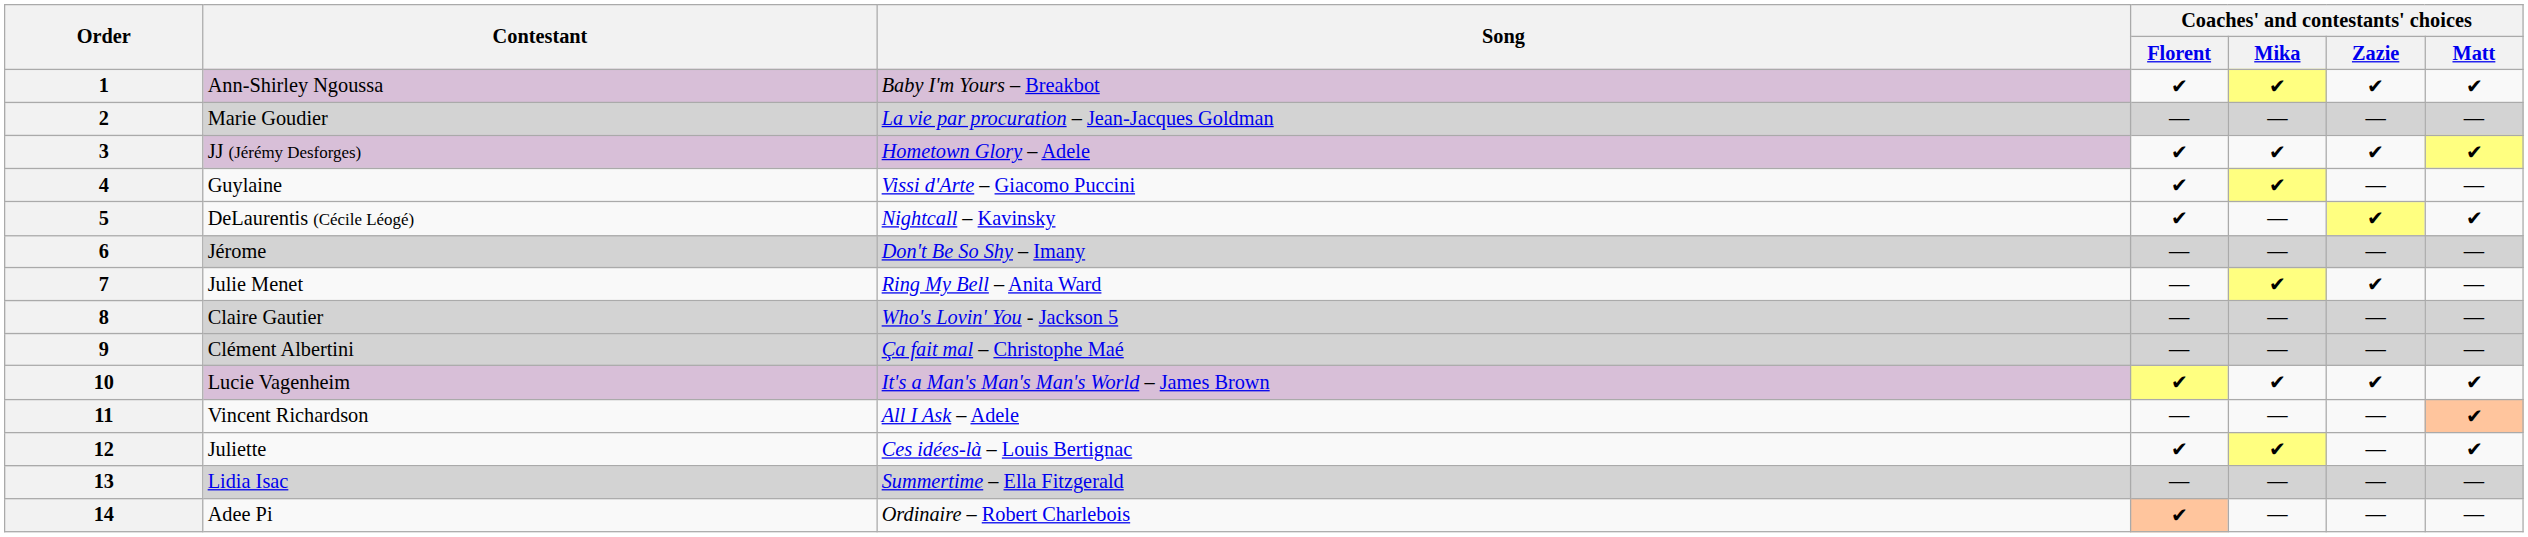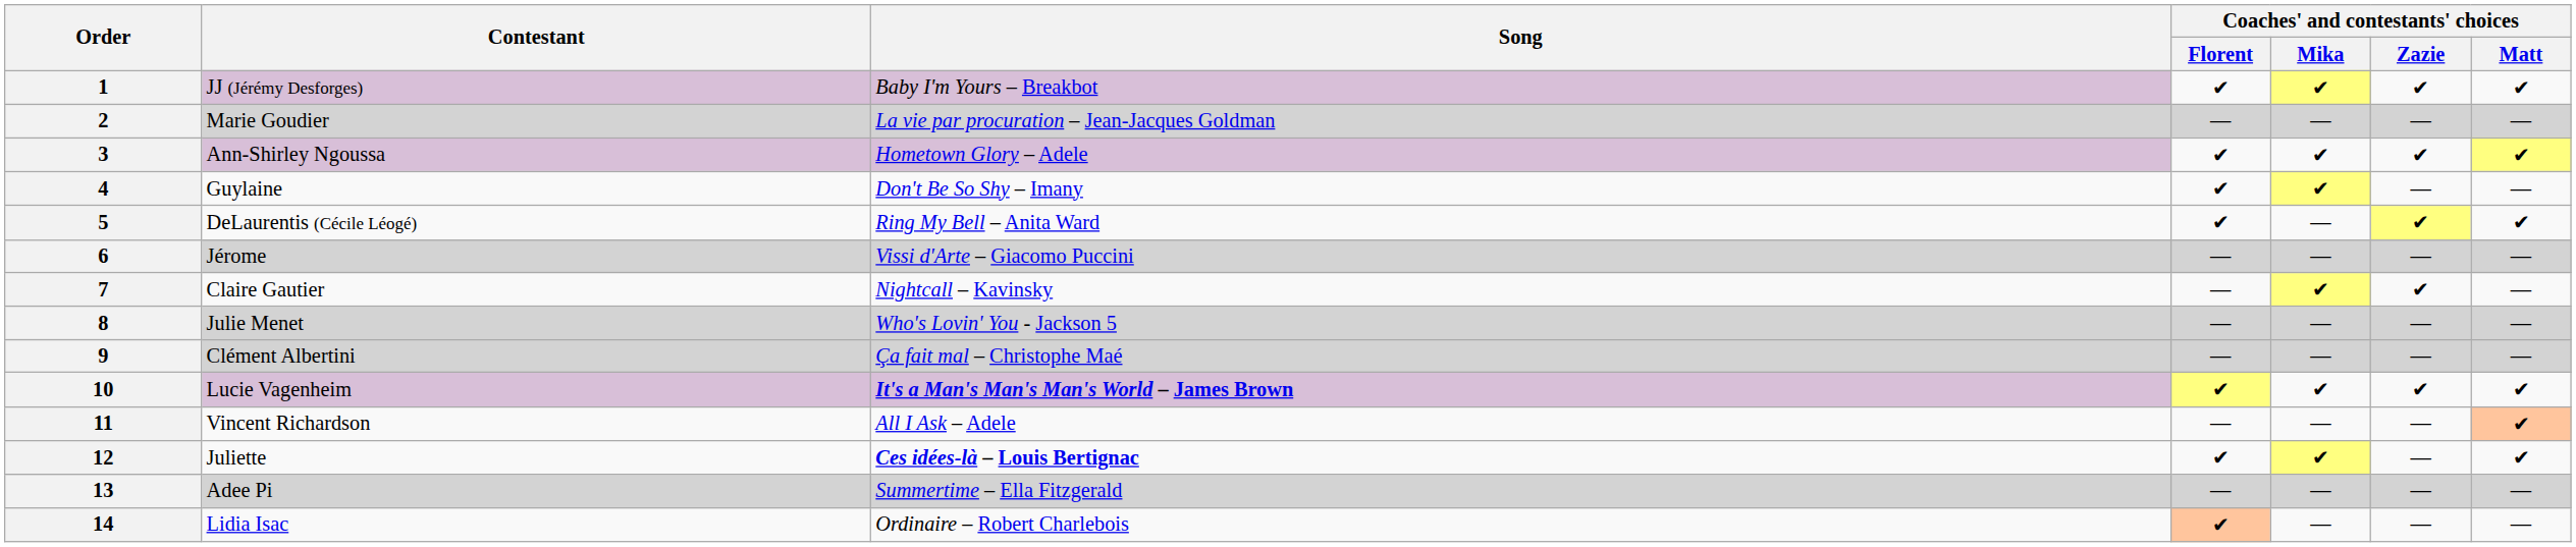 <table class="wikitable" style="width:100%;">
 <tr>
 <th scope=col rowspan="2">Order</th>
 <th scope=col rowspan="2">Contestant</th>
 <th scope=col rowspan="2">Song</th>
 <th scope=col colspan="4">Coaches' and contestants' choices</th>
 </tr>
 <tr>
 <th scope=col width="70"><a href='#'>Florent</a></th>
 <th scope=col width="70"><a href='#'>Mika</a></th>
 <th scope=col width="70"><a href='#'>Zazie</a></th>
 <th scope=col width="70"><a href='#'>Matt</a></th>
 </tr>
 <tr>
 <th scope=row>1</th>
-<td style="background:thistle">Ann-Shirley Ngoussa</td>
+<td style="background:thistle">JJ <small>(Jérémy Desforges)</small></td>
 <td style="background:thistle"><em>Baby I'm Yours</em> – <a href='#'>Breakbot</a></td>
 <td style="text-align:center;">✔</td>
 <td style="background:#FFFF80;text-align:center;">✔</td>
 <td style="text-align:center;">✔</td>
 <td style="text-align:center;">✔</td>
 </tr>
 <tr style="background:lightgrey;">
 <th scope=row>2</th>
 <td>Marie Goudier</td>
 <td><em><a href='#'>La vie par procuration</a></em> – <a href='#'>Jean-Jacques Goldman</a></td>
 <td style="text-align:center;">—</td>
 <td style="text-align:center;">—</td>
 <td style="text-align:center;">—</td>
 <td style="text-align:center;">—</td>
 </tr>
 <tr>
 <th scope=row>3</th>
-<td style="background:thistle">JJ <small>(Jérémy Desforges)</small></td>
+<td style="background:thistle">Ann-Shirley Ngoussa</td>
 <td style="background:thistle"><em><a href='#'>Hometown Glory</a></em> – <a href='#'>Adele</a></td>
 <td style="text-align:center;">✔</td>
 <td style="text-align:center;">✔</td>
 <td style="text-align:center;">✔</td>
 <td style="background:#FFFF80;text-align:center;">✔</td>
 </tr>
 <tr>
 <th scope=row>4</th>
 <td>Guylaine</td>
-<td><em><a href='#'>Vissi d'Arte</a></em> – <a href='#'>Giacomo Puccini</a></td>
+<td><em><a href='#'>Don't Be So Shy</a></em> – <a href='#'>Imany</a></td>
 <td style="text-align:center;">✔</td>
 <td style="background:#FFFF80;text-align:center;">✔</td>
 <td style="text-align:center;">—</td>
 <td style="text-align:center;">—</td>
 </tr>
 <tr>
 <th scope=row>5</th>
 <td>DeLaurentis <small>(Cécile Léogé)</small></td>
-<td><em><a href='#'>Nightcall</a></em>  – <a href='#'>Kavinsky</a></td>
+<td><em><a href='#'>Ring My Bell</a></em> – <a href='#'>Anita Ward</a></td>
 <td style="text-align:center;">✔</td>
 <td style="text-align:center;">—</td>
 <td style="background:#FFFF80;text-align:center;">✔</td>
 <td style="text-align:center;">✔</td>
 </tr>
 <tr style="background:lightgrey;">
 <th scope="row">6</th>
 <td>Jérome</td>
-<td><em><a href='#'>Don't Be So Shy</a></em> – <a href='#'>Imany</a></td>
+<td><em><a href='#'>Vissi d'Arte</a></em> – <a href='#'>Giacomo Puccini</a></td>
 <td style="text-align:center;">—</td>
 <td style="text-align:center;">—</td>
 <td style="text-align:center;">—</td>
 <td style="text-align:center;">—</td>
 </tr>
 <tr>
 <th scope="row">7</th>
-<td>Julie Menet</td>
-<td><em><a href='#'>Ring My Bell</a></em> – <a href='#'>Anita Ward</a></td>
+<td>Claire Gautier</td>
+<td><em><a href='#'>Nightcall</a></em>  – <a href='#'>Kavinsky</a></td>
 <td style="text-align:center;">—</td>
 <td style="background:#FFFF80;text-align:center;">✔</td>
 <td style="text-align:center;">✔</td>
 <td style="text-align:center;">—</td>
 </tr>
 <tr style="background:lightgrey;">
 <th scope="row">8</th>
-<td>Claire Gautier</td>
+<td>Julie Menet</td>
 <td><em><a href='#'>Who's Lovin' You</a> -</em> <a href='#'>Jackson 5</a></td>
 <td style="text-align:center;">—</td>
 <td style="text-align:center;">—</td>
 <td style="text-align:center;">—</td>
 <td style="text-align:center;">—</td>
 </tr>
 <tr style="background:lightgrey;">
 <th scope=row>9</th>
 <td>Clément Albertini</td>
 <td><em><a href='#'>Ça fait mal</a></em> – <a href='#'>Christophe Maé</a></td>
 <td style="text-align:center;">—</td>
 <td style="text-align:center;">—</td>
 <td style="text-align:center;">—</td>
 <td style="text-align:center;">—</td>
 </tr>
 <tr>
 <th scope=row>10</th>
 <td style="background:thistle">Lucie Vagenheim</td>
-<td style="background:thistle"><em><a href='#'>It's a Man's Man's Man's World</a></em> – <a href='#'>James Brown</a></td>
+<td style="background:thistle"><strong><em><a href='#'>It's a Man's Man's Man's World</a></em> – <a href='#'>James Brown</a></strong></td>
 <td style="background:#FFFF80;text-align:center;">✔</td>
 <td style="text-align:center;">✔</td>
 <td style="text-align:center;">✔</td>
 <td style="text-align:center;">✔</td>
 </tr>
 <tr>
 <th scope=row>11</th>
 <td>Vincent Richardson</td>
 <td><em><a href='#'>All I Ask</a></em> – <a href='#'>Adele</a></td>
 <td style="text-align:center;">—</td>
 <td style="text-align:center;">—</td>
 <td style="text-align:center;">—</td>
 <td style="background:#FFC59D;text-align:center;">✔</td>
 </tr>
 <tr>
 <th scope=row>12</th>
 <td>Juliette</td>
-<td><em><a href='#'>Ces idées-là</a></em> – <a href='#'>Louis Bertignac</a></td>
+<td><strong><em><a href='#'>Ces idées-là</a></em> – <a href='#'>Louis Bertignac</a></strong></td>
 <td style="text-align:center;">✔</td>
 <td style="background:#FFFF80;text-align:center;">✔</td>
 <td style="text-align:center;">—</td>
 <td style="text-align:center;">✔</td>
 </tr>
 <tr style="background:lightgrey;">
 <th scope=row>13</th>
-<td><a href='#'>Lidia Isac</a></td>
+<td>Adee Pi</td>
 <td><em><a href='#'>Summertime</a></em> – <a href='#'>Ella Fitzgerald</a></td>
 <td style="text-align:center;">—</td>
 <td style="text-align:center;">—</td>
 <td style="text-align:center;">—</td>
 <td style="text-align:center;">—</td>
 </tr>
 <tr>
 <th scope=row>14</th>
-<td>Adee Pi</td>
+<td><a href='#'>Lidia Isac</a></td>
 <td><em>Ordinaire</em> – <a href='#'>Robert Charlebois</a></td>
 <td style="background:#FFC59D;text-align:center;">✔</td>
 <td style="text-align:center;">—</td>
 <td style="text-align:center;">—</td>
 <td style="text-align:center;">—</td>
 </tr>
 </table>
